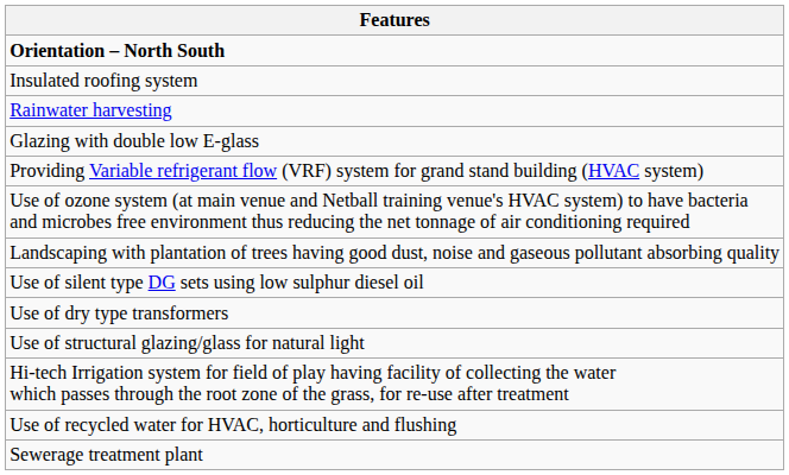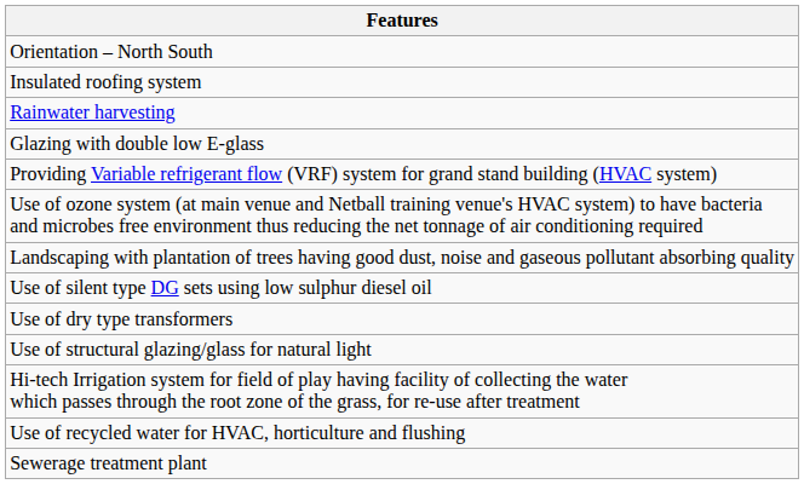 <table class="wikitable">
 <tr>
 <th>Features</th>
 </tr>
 <tr>
-<td><strong>Orientation – North South</strong></td>
+<td>Orientation – North South</td>
 </tr>
 <tr>
 <td>Insulated roofing system</td>
 </tr>
 <tr>
 <td><a href='#'>Rainwater harvesting</a></td>
 </tr>
 <tr>
 <td>Glazing with double low E-glass</td>
 </tr>
 <tr>
 <td>Providing <a href='#'>Variable refrigerant flow</a> (VRF) system for grand stand building (<a href='#'>HVAC</a> system)</td>
 </tr>
 <tr>
 <td>Use of ozone system (at main venue and Netball training venue's HVAC system) to have bacteria<br>and microbes free environment thus reducing the net tonnage of air conditioning required</td>
 </tr>
 <tr>
 <td>Landscaping with plantation of trees having good dust, noise and gaseous pollutant absorbing quality</td>
 </tr>
 <tr>
 <td>Use of silent type <a href='#'>DG</a> sets using low sulphur diesel oil</td>
 </tr>
 <tr>
 <td>Use of dry type transformers</td>
 </tr>
 <tr>
 <td>Use of structural glazing/glass for natural light</td>
 </tr>
 <tr>
 <td>Hi-tech Irrigation system for field of play having facility of collecting the water<br>which passes through the root zone of the grass, for re-use after treatment</td>
 </tr>
 <tr>
 <td>Use of recycled water for HVAC, horticulture and flushing</td>
 </tr>
 <tr>
 <td>Sewerage treatment plant</td>
 </tr>
 </table>
